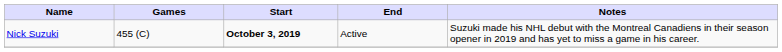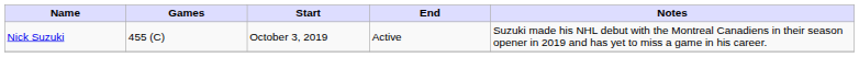 <table class="wikitable">
 <tr>
 <th style="background:#ddf; width:5%;">Name</th>
 <th style="background:#ddf; width:5%;">Games</th>
 <th style="background:#ddf; width:5%;">Start</th>
 <th style="background:#ddf; width:5%;">End</th>
 <th style="background:#ddf; width:15%;">Notes</th>
 </tr>
 <tr>
 <td><a href='#'>Nick Suzuki</a></td>
 <td>455 (C)</td>
-<td><strong>October 3, 2019</strong></td>
+<td>October 3, 2019</td>
 <td>Active</td>
 <td>Suzuki made his NHL debut with the Montreal Canadiens in their season opener in 2019 and has yet to miss a game in his career.</td>
 </tr>
 <tr>
 </tr>
 </table>
